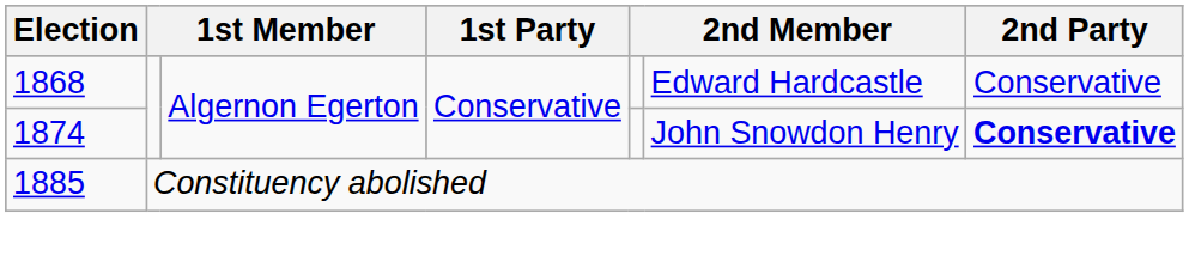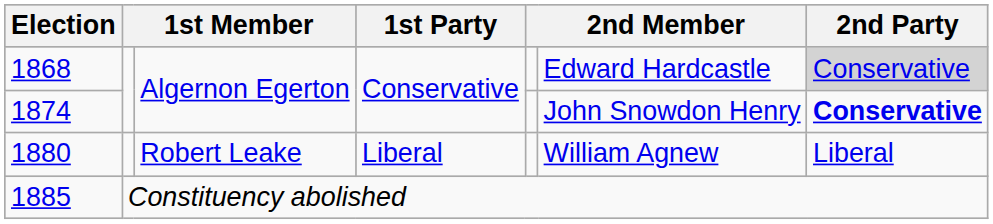 <table class="wikitable">
 <tr>
 <th>Election</th>
 <th colspan="2">1st Member</th>
 <th>1st Party</th>
 <th colspan="2">2nd Member</th>
 <th>2nd Party</th>
 </tr>
 <tr>
 <td><a href='#'>1868</a></td>
 <td rowspan="2" style="color:inherit;background-color: "></td>
 <td rowspan="2"><a href='#'>Algernon Egerton</a></td>
 <td rowspan="2"><a href='#'>Conservative</a></td>
 <td style="color:inherit;background-color: "></td>
 <td><a href='#'>Edward Hardcastle</a></td>
-<td><a href='#'>Conservative</a></td>
+<td style="background: lightgrey;"><a href='#'>Conservative</a></td>
 </tr>
 <tr>
 <td><a href='#'>1874</a></td>
 <td style="color:inherit;background-color: "></td>
 <td><a href='#'>John Snowdon Henry</a></td>
 <td><strong><a href='#'>Conservative</a></strong></td>
 </tr>
 <tr>
+<td><a href='#'>1880</a></td>
+<td style="color:inherit;background-color: "></td>
+<td><a href='#'>Robert Leake</a></td>
+<td><a href='#'>Liberal</a></td>
+<td style="color:inherit;background-color: "></td>
+<td><a href='#'>William Agnew</a></td>
+<td><a href='#'>Liberal</a></td>
+</tr>
+<tr>
 <td><a href='#'>1885</a></td>
 <td colspan="6"><em>Constituency abolished</em></td>
 </tr>
 </table>
